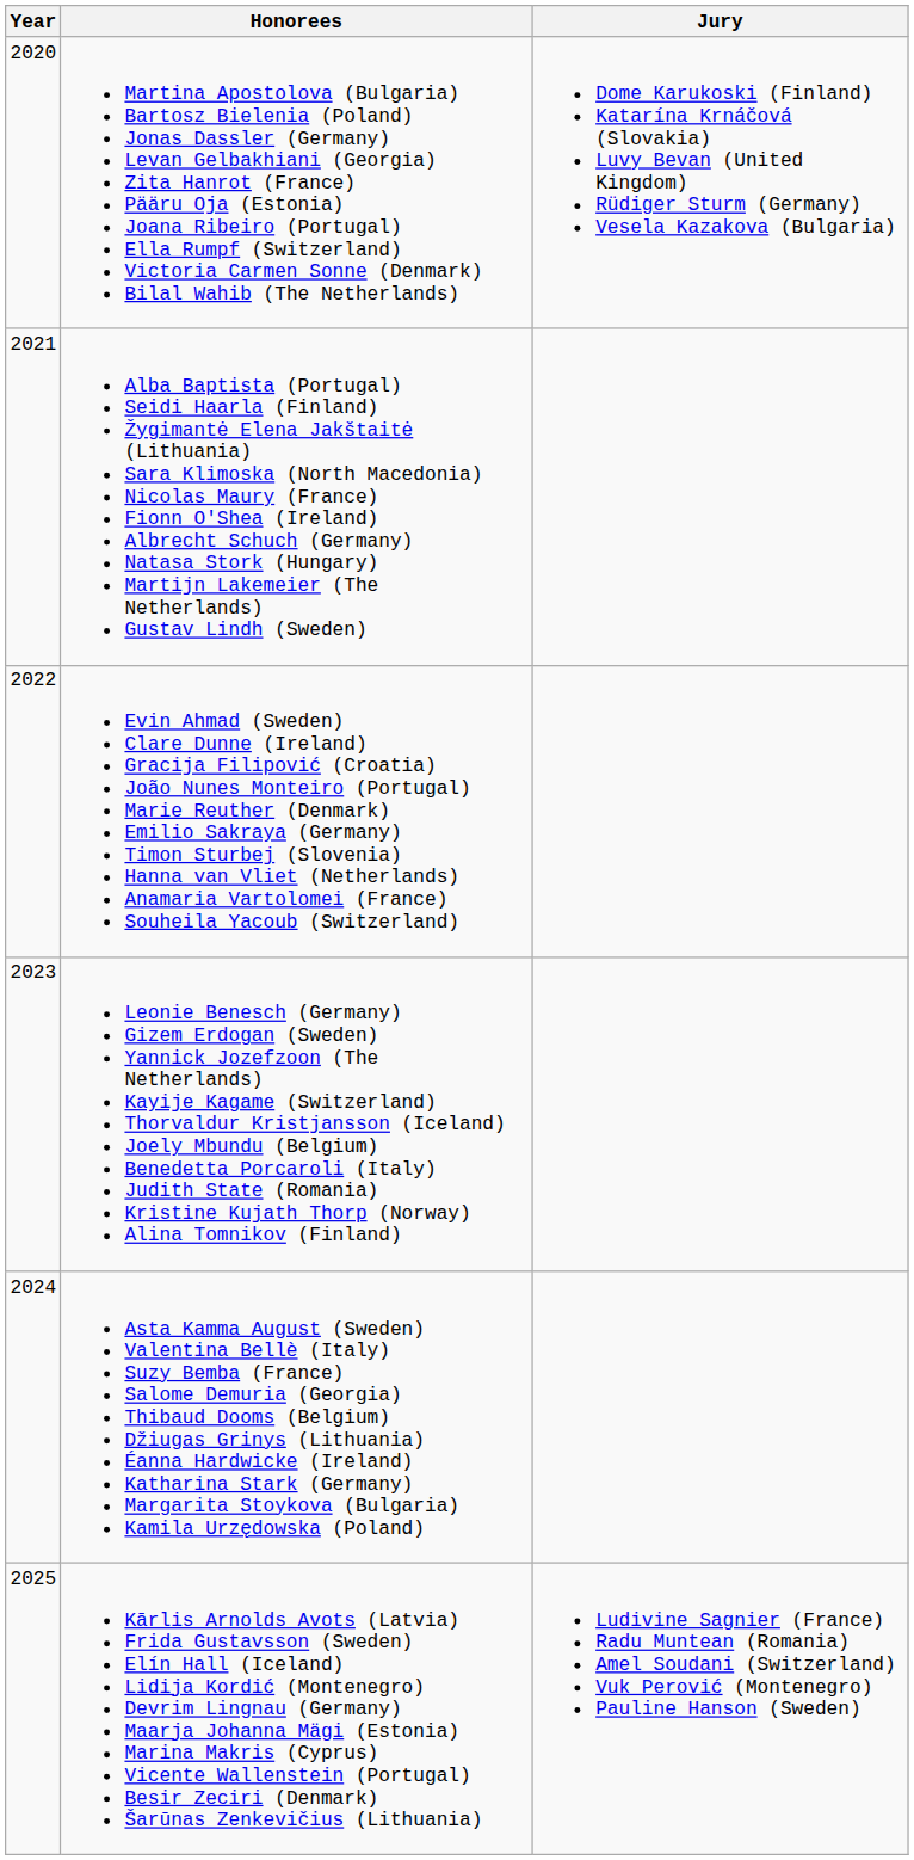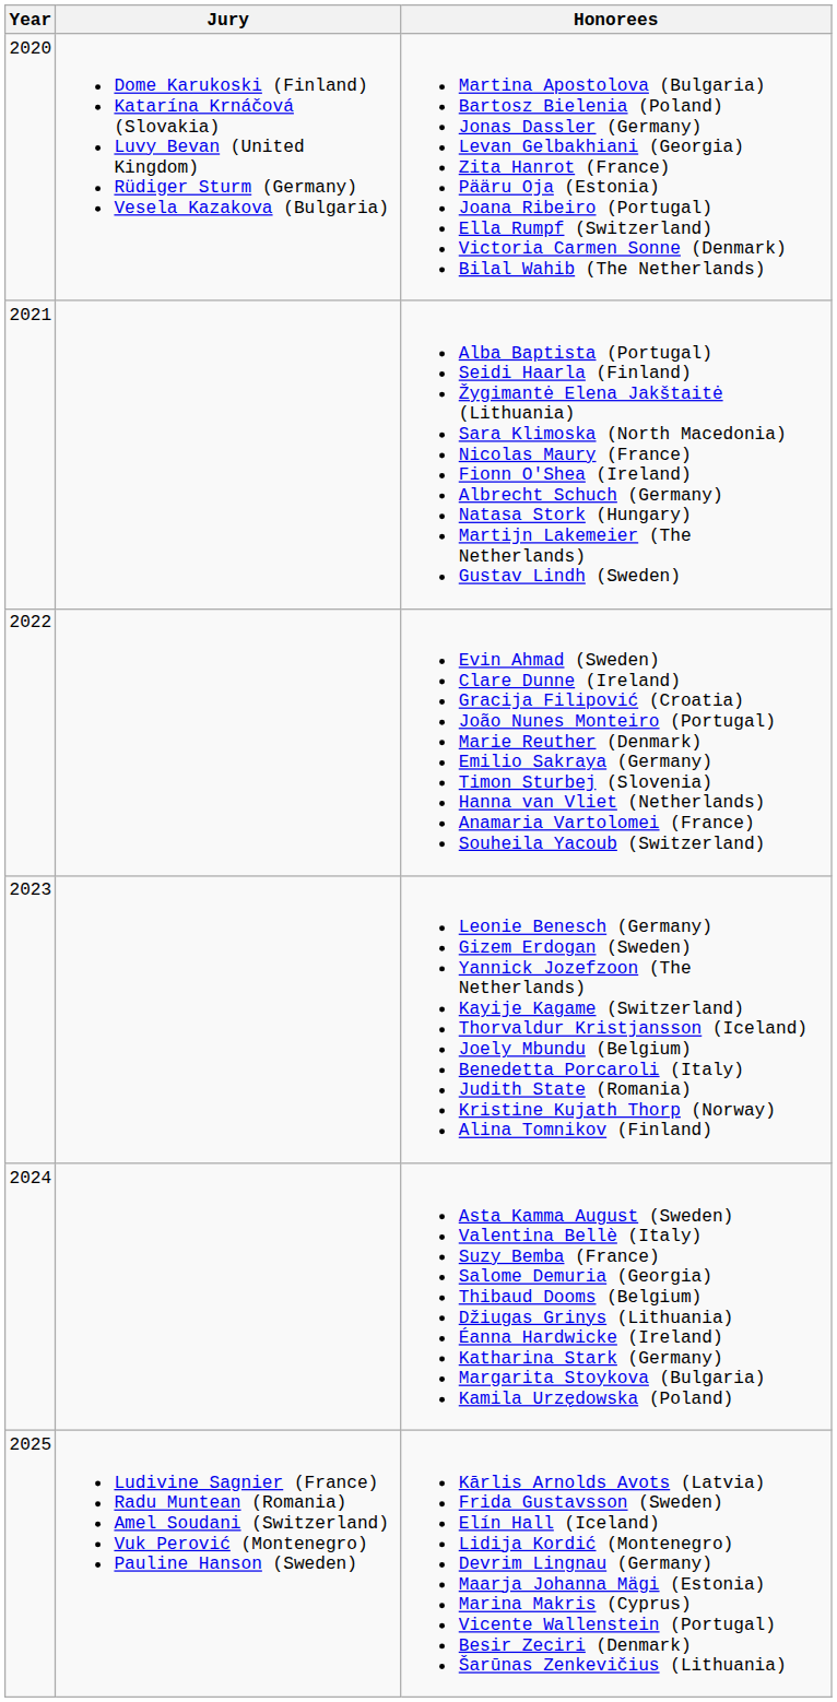 <table class="wikitable">
 <tr>
 <th>Year</th>
+<th>Jury</th>
 <th>Honorees</th>
-<th>Jury</th>
 </tr>
 <tr valign=top>
 <td>2020</td>
+<td><br><ul><li><a href='#'>Dome Karukoski</a> (Finland)</li><li><a href='#'>Katarína Krnáčová</a> (Slovakia)</li><li><a href='#'>Luvy Bevan</a> (United Kingdom)</li><li><a href='#'>Rüdiger Sturm</a> (Germany)</li><li><a href='#'>Vesela Kazakova</a> (Bulgaria)</li></ul></td>
 <td><br><ul><li><a href='#'>Martina Apostolova</a> (Bulgaria)</li><li><a href='#'>Bartosz Bielenia</a> (Poland)</li><li><a href='#'>Jonas Dassler</a> (Germany)</li><li><a href='#'>Levan Gelbakhiani</a> (Georgia)</li><li><a href='#'>Zita Hanrot</a> (France)</li><li><a href='#'>Pääru Oja</a> (Estonia)</li><li><a href='#'>Joana Ribeiro</a> (Portugal)</li><li><a href='#'>Ella Rumpf</a> (Switzerland)</li><li><a href='#'>Victoria Carmen Sonne</a> (Denmark)</li><li><a href='#'>Bilal Wahib</a> (The Netherlands)</li></ul></td>
-<td><br><ul><li><a href='#'>Dome Karukoski</a> (Finland)</li><li><a href='#'>Katarína Krnáčová</a> (Slovakia)</li><li><a href='#'>Luvy Bevan</a> (United Kingdom)</li><li><a href='#'>Rüdiger Sturm</a> (Germany)</li><li><a href='#'>Vesela Kazakova</a> (Bulgaria)</li></ul></td>
 </tr>
 <tr valign="top">
 <td>2021</td>
+<td></td>
 <td><br><ul><li><a href='#'>Alba Baptista</a> (Portugal)</li><li><a href='#'>Seidi Haarla</a> (Finland)</li><li><a href='#'>Žygimantė Elena Jakštaitė</a> (Lithuania)</li><li><a href='#'>Sara Klimoska</a> (North Macedonia)</li><li><a href='#'>Nicolas Maury</a> (France)</li><li><a href='#'>Fionn O'Shea</a> (Ireland)</li><li><a href='#'>Albrecht Schuch</a> (Germany)</li><li><a href='#'>Natasa Stork</a> (Hungary)</li><li><a href='#'>Martijn Lakemeier</a> (The Netherlands)</li><li><a href='#'>Gustav Lindh</a> (Sweden)</li></ul></td>
-<td></td>
 </tr>
 <tr valign="top">
 <td>2022</td>
+<td></td>
 <td><br><ul><li><a href='#'>Evin Ahmad</a> (Sweden)</li><li><a href='#'>Clare Dunne</a> (Ireland)</li><li><a href='#'>Gracija Filipović</a> (Croatia)</li><li><a href='#'>João Nunes Monteiro</a> (Portugal)</li><li><a href='#'>Marie Reuther</a> (Denmark)</li><li><a href='#'>Emilio Sakraya</a> (Germany)</li><li><a href='#'>Timon Sturbej</a> (Slovenia)</li><li><a href='#'>Hanna van Vliet</a> (Netherlands)</li><li><a href='#'>Anamaria Vartolomei</a> (France)</li><li><a href='#'>Souheila Yacoub</a> (Switzerland)</li></ul></td>
-<td></td>
 </tr>
 <tr valign="top">
 <td>2023</td>
+<td></td>
 <td><br><ul><li><a href='#'>Leonie Benesch</a> (Germany)</li><li><a href='#'>Gizem Erdogan</a> (Sweden)</li><li><a href='#'>Yannick Jozefzoon</a> (The Netherlands)</li><li><a href='#'>Kayije Kagame</a> (Switzerland)</li><li><a href='#'>Thorvaldur Kristjansson</a> (Iceland)</li><li><a href='#'>Joely Mbundu</a> (Belgium)</li><li><a href='#'>Benedetta Porcaroli</a> (Italy)</li><li><a href='#'>Judith State</a> (Romania)</li><li><a href='#'>Kristine Kujath Thorp</a> (Norway)</li><li><a href='#'>Alina Tomnikov</a> (Finland)</li></ul></td>
-<td></td>
 </tr>
 <tr valign="top">
 <td>2024</td>
+<td></td>
 <td><br><ul><li><a href='#'>Asta Kamma August</a> (Sweden)</li><li><a href='#'>Valentina Bellè</a> (Italy)</li><li><a href='#'>Suzy Bemba</a> (France)</li><li><a href='#'>Salome Demuria</a> (Georgia)</li><li><a href='#'>Thibaud Dooms</a> (Belgium)</li><li><a href='#'>Džiugas Grinys</a> (Lithuania)</li><li><a href='#'>Éanna Hardwicke</a> (Ireland)</li><li><a href='#'>Katharina Stark</a> (Germany)</li><li><a href='#'>Margarita Stoykova</a> (Bulgaria)</li><li><a href='#'>Kamila Urzędowska</a> (Poland)</li></ul></td>
-<td></td>
 </tr>
 <tr valign="top">
 <td>2025</td>
+<td><br><ul><li><a href='#'>Ludivine Sagnier</a> (France)</li><li><a href='#'>Radu Muntean</a> (Romania)</li><li><a href='#'>Amel Soudani</a> (Switzerland)</li><li><a href='#'>Vuk Perović</a> (Montenegro)</li><li><a href='#'>Pauline Hanson</a> (Sweden)</li></ul></td>
 <td><br><ul><li><a href='#'>Kārlis Arnolds Avots</a> (Latvia)</li><li><a href='#'>Frida Gustavsson</a> (Sweden)</li><li><a href='#'>Elín Hall</a> (Iceland)</li><li><a href='#'>Lidija Kordić</a> (Montenegro)</li><li><a href='#'>Devrim Lingnau</a> (Germany)</li><li><a href='#'>Maarja Johanna Mägi</a> (Estonia)</li><li><a href='#'>Marina Makris</a> (Cyprus)</li><li><a href='#'>Vicente Wallenstein</a> (Portugal)</li><li><a href='#'>Besir Zeciri</a> (Denmark)</li><li><a href='#'>Šarūnas Zenkevičius</a> (Lithuania)</li></ul></td>
-<td><br><ul><li><a href='#'>Ludivine Sagnier</a> (France)</li><li><a href='#'>Radu Muntean</a> (Romania)</li><li><a href='#'>Amel Soudani</a> (Switzerland)</li><li><a href='#'>Vuk Perović</a> (Montenegro)</li><li><a href='#'>Pauline Hanson</a> (Sweden)</li></ul></td>
 </tr>
 </table>
